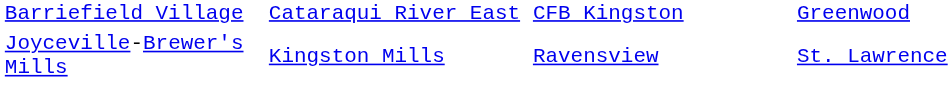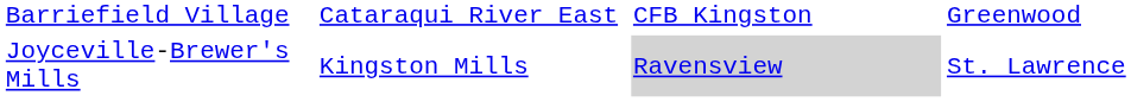 <table>
 <tr>
 <td width="160px"><a href='#'>Barriefield Village</a></td>
 <td width="160px"><a href='#'>Cataraqui River East</a></td>
 <td width="160px"><a href='#'>CFB Kingston</a></td>
 <td width="160px"><a href='#'>Greenwood</a></td>
 </tr>
 <tr>
 <td><a href='#'>Joyceville</a>-<a href='#'>Brewer's Mills</a></td>
 <td><a href='#'>Kingston Mills</a></td>
-<td><a href='#'>Ravensview</a></td>
+<td style="background: lightgrey;"><a href='#'>Ravensview</a></td>
 <td><a href='#'>St. Lawrence</a></td>
 </tr>
 </table>
